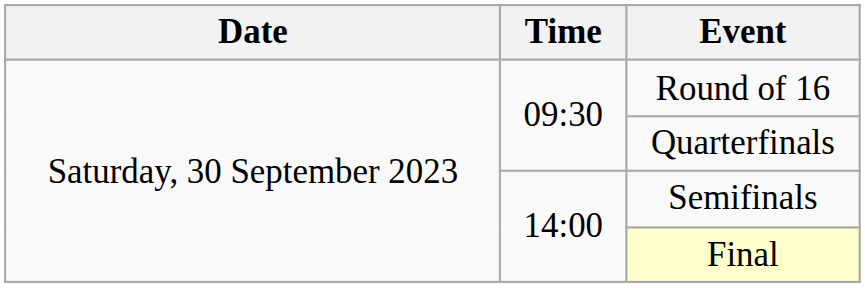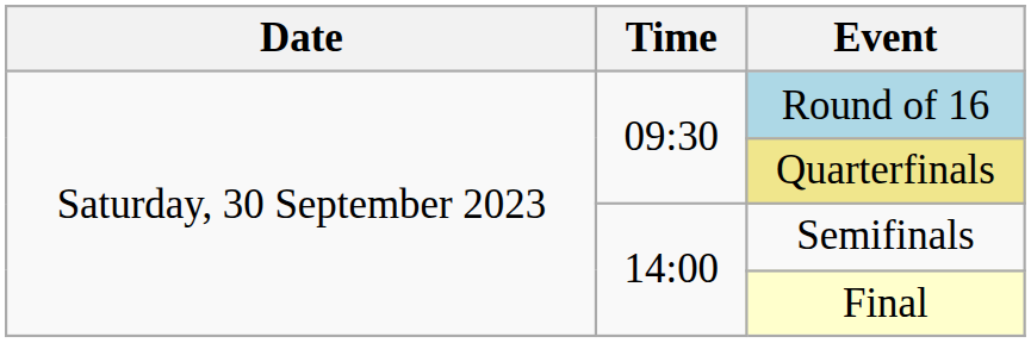 <table class = "wikitable" style="text-align:center;">
 <tr>
 <th width=220>Date</th>
 <th width=50>Time</th>
 <th width=100>Event</th>
 </tr>
 <tr>
 <td rowspan=4>Saturday, 30 September 2023</td>
 <td rowspan=2>09:30</td>
-<td>Round of 16</td>
+<td style="background: lightblue;">Round of 16</td>
 </tr>
 <tr>
-<td>Quarterfinals</td>
+<td style="background: khaki;">Quarterfinals</td>
 </tr>
 <tr>
 <td rowspan=2>14:00</td>
 <td>Semifinals</td>
 </tr>
 <tr>
 <td bgcolor=ffffcc>Final</td>
 </tr>
 </table>
